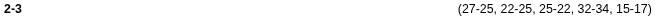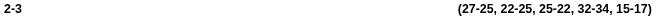 <table width=100% cellspacing=1>
 <tr>
 <th width=20%></th>
 <th width=12%></th>
 <th width=20%></th>
 <th width=33%></th>
 <td></td>
 </tr>
 <tr style=font-size:90%>
 <td align=right></td>
 <td align=center><strong>2-3</strong></td>
 <td></td>
-<td>(27-25, 22-25, 25-22, 32-34, 15-17)</td>
+<td><strong>(27-25, 22-25, 25-22, 32-34, 15-17)</strong></td>
 </tr>
 </table>
